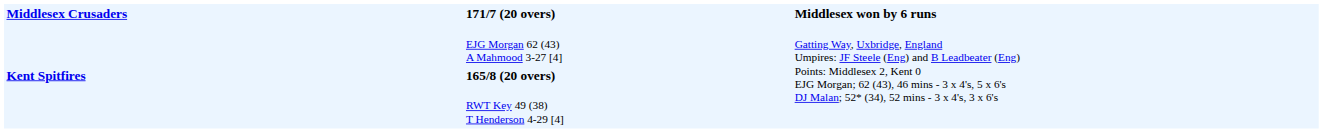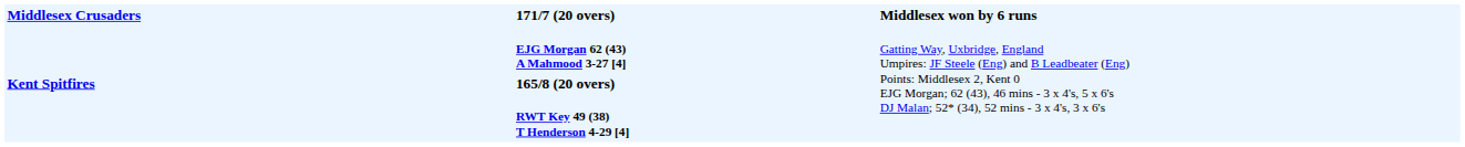 <table style="width:100%; background:#ebf5ff;">
 <tr>
 <td style="width:35%; vertical-align:top;" rowspan="2"><strong><a href='#'>Middlesex Crusaders</a></strong></td>
 <td style="width:25%;"><strong>171/7 (20 overs)</strong></td>
 <td style="width:40%;"><strong>Middlesex won by 6 runs </strong></td>
 </tr>
 <tr>
-<td style="font-size: 85%;"><br><a href='#'>EJG Morgan</a> 62 (43)<br> <a href='#'>A Mahmood</a> 3-27 [4]</td>
+<td style="font-size: 85%;"><strong><br><a href='#'>EJG Morgan</a> 62 (43)<br> <a href='#'>A Mahmood</a> 3-27 [4]</strong></td>
 <td style="vertical-align:top; font-size:85%;" rowspan="3"><br><a href='#'>Gatting Way</a>, <a href='#'>Uxbridge</a>, <a href='#'>England</a><br> Umpires: <a href='#'>JF Steele</a> (<a href='#'>Eng</a>) and <a href='#'>B Leadbeater</a> (<a href='#'>Eng</a>)<br> Points: Middlesex 2, Kent 0<br>EJG Morgan; 62 (43), 46 mins - 3 x 4's, 5 x 6's<br> <a href='#'>DJ Malan</a>; 52* (34), 52 mins - 3 x 4's, 3 x 6's</td>
 </tr>
 <tr>
 <td style="vertical-align:top;" rowspan="2"><strong><a href='#'>Kent Spitfires</a></strong></td>
 <td><strong>165/8 (20 overs)</strong></td>
 </tr>
 <tr>
-<td style="font-size: 85%;"><br><a href='#'>RWT Key</a> 49 (38)<br> <a href='#'>T Henderson</a> 4-29 [4]</td>
+<td style="font-size: 85%;"><strong><br><a href='#'>RWT Key</a> 49 (38)<br> <a href='#'>T Henderson</a> 4-29 [4]</strong></td>
 </tr>
 </table>
